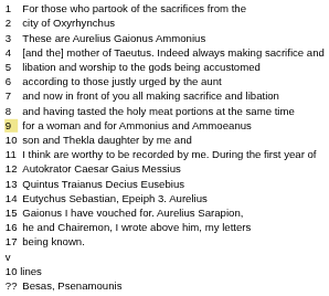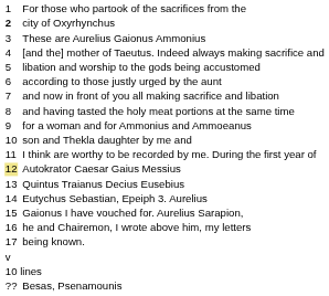 <table>
 <tr>
 <td>1</td>
 <td></td>
 <td>For those who partook of the sacrifices from the</td>
 </tr>
 <tr>
-<td>2</td>
+<td><strong>2</strong></td>
 <td></td>
 <td>city of Oxyrhynchus</td>
 </tr>
 <tr>
 <td>3</td>
 <td></td>
 <td>These are Aurelius Gaionus Ammonius</td>
 </tr>
 <tr>
 <td>4</td>
 <td></td>
 <td>[and the] mother of Taeutus. Indeed always making sacrifice and</td>
 </tr>
 <tr>
 <td>5</td>
 <td></td>
 <td>libation and worship to the gods being accustomed</td>
 </tr>
 <tr>
 <td>6</td>
 <td></td>
 <td>according to those justly urged by the aunt</td>
 </tr>
 <tr>
 <td>7</td>
 <td></td>
 <td>and now in front of you all making sacrifice and libation</td>
 </tr>
 <tr>
 <td>8</td>
 <td></td>
 <td>and having tasted the holy meat portions at the same time</td>
 </tr>
 <tr>
-<td style="background: khaki;">9</td>
+<td>9</td>
 <td></td>
 <td>for a woman and for Ammonius and Ammoeanus</td>
 </tr>
 <tr>
 <td>10</td>
 <td></td>
 <td>son and Thekla daughter by me and</td>
 </tr>
 <tr>
 <td>11</td>
 <td></td>
 <td>I think are worthy to be recorded by me. During the first year of</td>
 </tr>
 <tr>
-<td>12</td>
+<td style="background: khaki;">12</td>
 <td></td>
 <td>Autokrator Caesar Gaius Messius</td>
 </tr>
 <tr>
 <td>13</td>
 <td></td>
 <td>Quintus Traianus Decius Eusebius</td>
 </tr>
 <tr>
 <td>14</td>
 <td></td>
 <td>Eutychus Sebastian, Epeiph 3. Aurelius</td>
 </tr>
 <tr>
 <td>15</td>
 <td></td>
 <td>Gaionus I have vouched for. Aurelius Sarapion,</td>
 </tr>
 <tr>
 <td>16</td>
 <td></td>
 <td>he and Chairemon, I wrote above him, my letters</td>
 </tr>
 <tr>
 <td>17</td>
 <td></td>
 <td>being known.</td>
 </tr>
 <tr>
 <td colspan=3>v</td>
 </tr>
 <tr>
 <td colspan=3>10 lines</td>
 </tr>
 <tr>
 <td>??</td>
 <td></td>
 <td>Besas, Psenamounis</td>
 </tr>
 <tr>
 </tr>
 </table>
